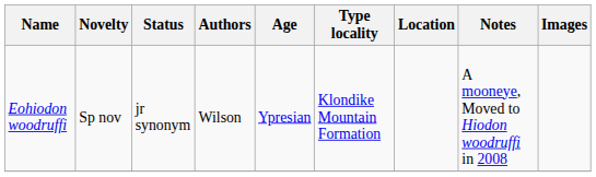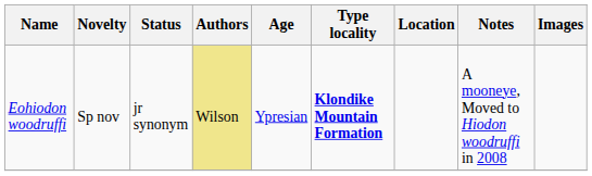 <table class="wikitable sortable" align="center" width="100%">
 <tr>
 <th>Name</th>
 <th>Novelty</th>
 <th>Status</th>
 <th>Authors</th>
 <th>Age</th>
 <th>Type locality</th>
 <th>Location</th>
 <th>Notes</th>
 <th>Images</th>
 </tr>
 <tr>
 <td><br><em><a href='#'>Eohiodon woodruffi</a></em></td>
 <td><br>Sp nov</td>
 <td><br>jr synonym</td>
-<td><br>Wilson</td>
+<td style="background: khaki;"><br>Wilson</td>
 <td><br><a href='#'>Ypresian</a></td>
-<td><br><a href='#'>Klondike Mountain Formation</a></td>
+<td><strong><br><a href='#'>Klondike Mountain Formation</a></strong></td>
 <td><br><br></td>
 <td><br>A <a href='#'>mooneye</a>,<br> Moved to <em><a href='#'>Hiodon woodruffi</a></em> in <a href='#'>2008</a></td>
 <td><br></td>
 </tr>
 <tr>
 </tr>
 </table>
